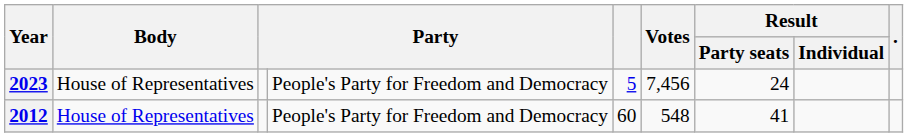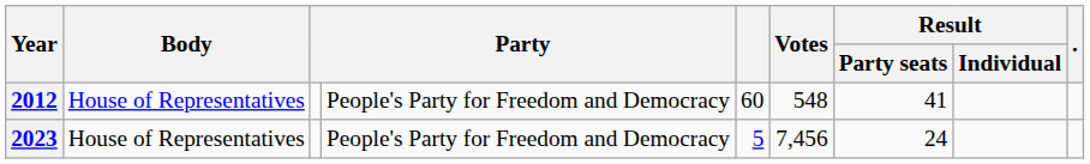 <table class="wikitable plainrowheaders sortable" border=2 cellpadding=4 cellspacing=0 style="border: 1px #aaa solid; font-size: 90%; text-align:center;">
 <tr>
 <th scope="col" rowspan=2>Year</th>
 <th scope="col" rowspan=2>Body</th>
 <th scope="col" colspan=2 rowspan=2>Party</th>
 <th scope="col" rowspan=2></th>
 <th scope="col" rowspan=2>Votes</th>
 <th scope="colgroup" colspan=2>Result</th>
 <th scope="col" rowspan=2 class="unsortable">.</th>
 </tr>
 <tr>
 <th scope="col">Party seats</th>
 <th scope="col">Individual</th>
 </tr>
 <tr>
+<th scope="row"><a href='#'>2012</a></th>
+<td><a href='#'>House of Representatives</a></td>
+<td style="background-color:"></td>
+<td>People's Party for Freedom and Democracy</td>
+<td style=text-align:right>60</td>
+<td style=text-align:right>548</td>
+<td style=text-align:right>41</td>
+<td></td>
+<td></td>
+</tr>
+<tr>
 <th scope="row"><a href='#'>2023</a></th>
 <td>House of Representatives</td>
 <td style="background-color:"></td>
 <td>People's Party for Freedom and Democracy</td>
 <td style=text-align:right><a href='#'>5</a></td>
 <td style=text-align:right>7,456</td>
 <td style=text-align:right>24</td>
 <td></td>
 <td></td>
 </tr>
-<tr>
-<th scope="row"><a href='#'>2012</a></th>
-<td><a href='#'>House of Representatives</a></td>
-<td style="background-color:"></td>
-<td>People's Party for Freedom and Democracy</td>
-<td style=text-align:right>60</td>
-<td style=text-align:right>548</td>
-<td style=text-align:right>41</td>
-<td></td>
-<td></td>
-</tr>
 </table>
